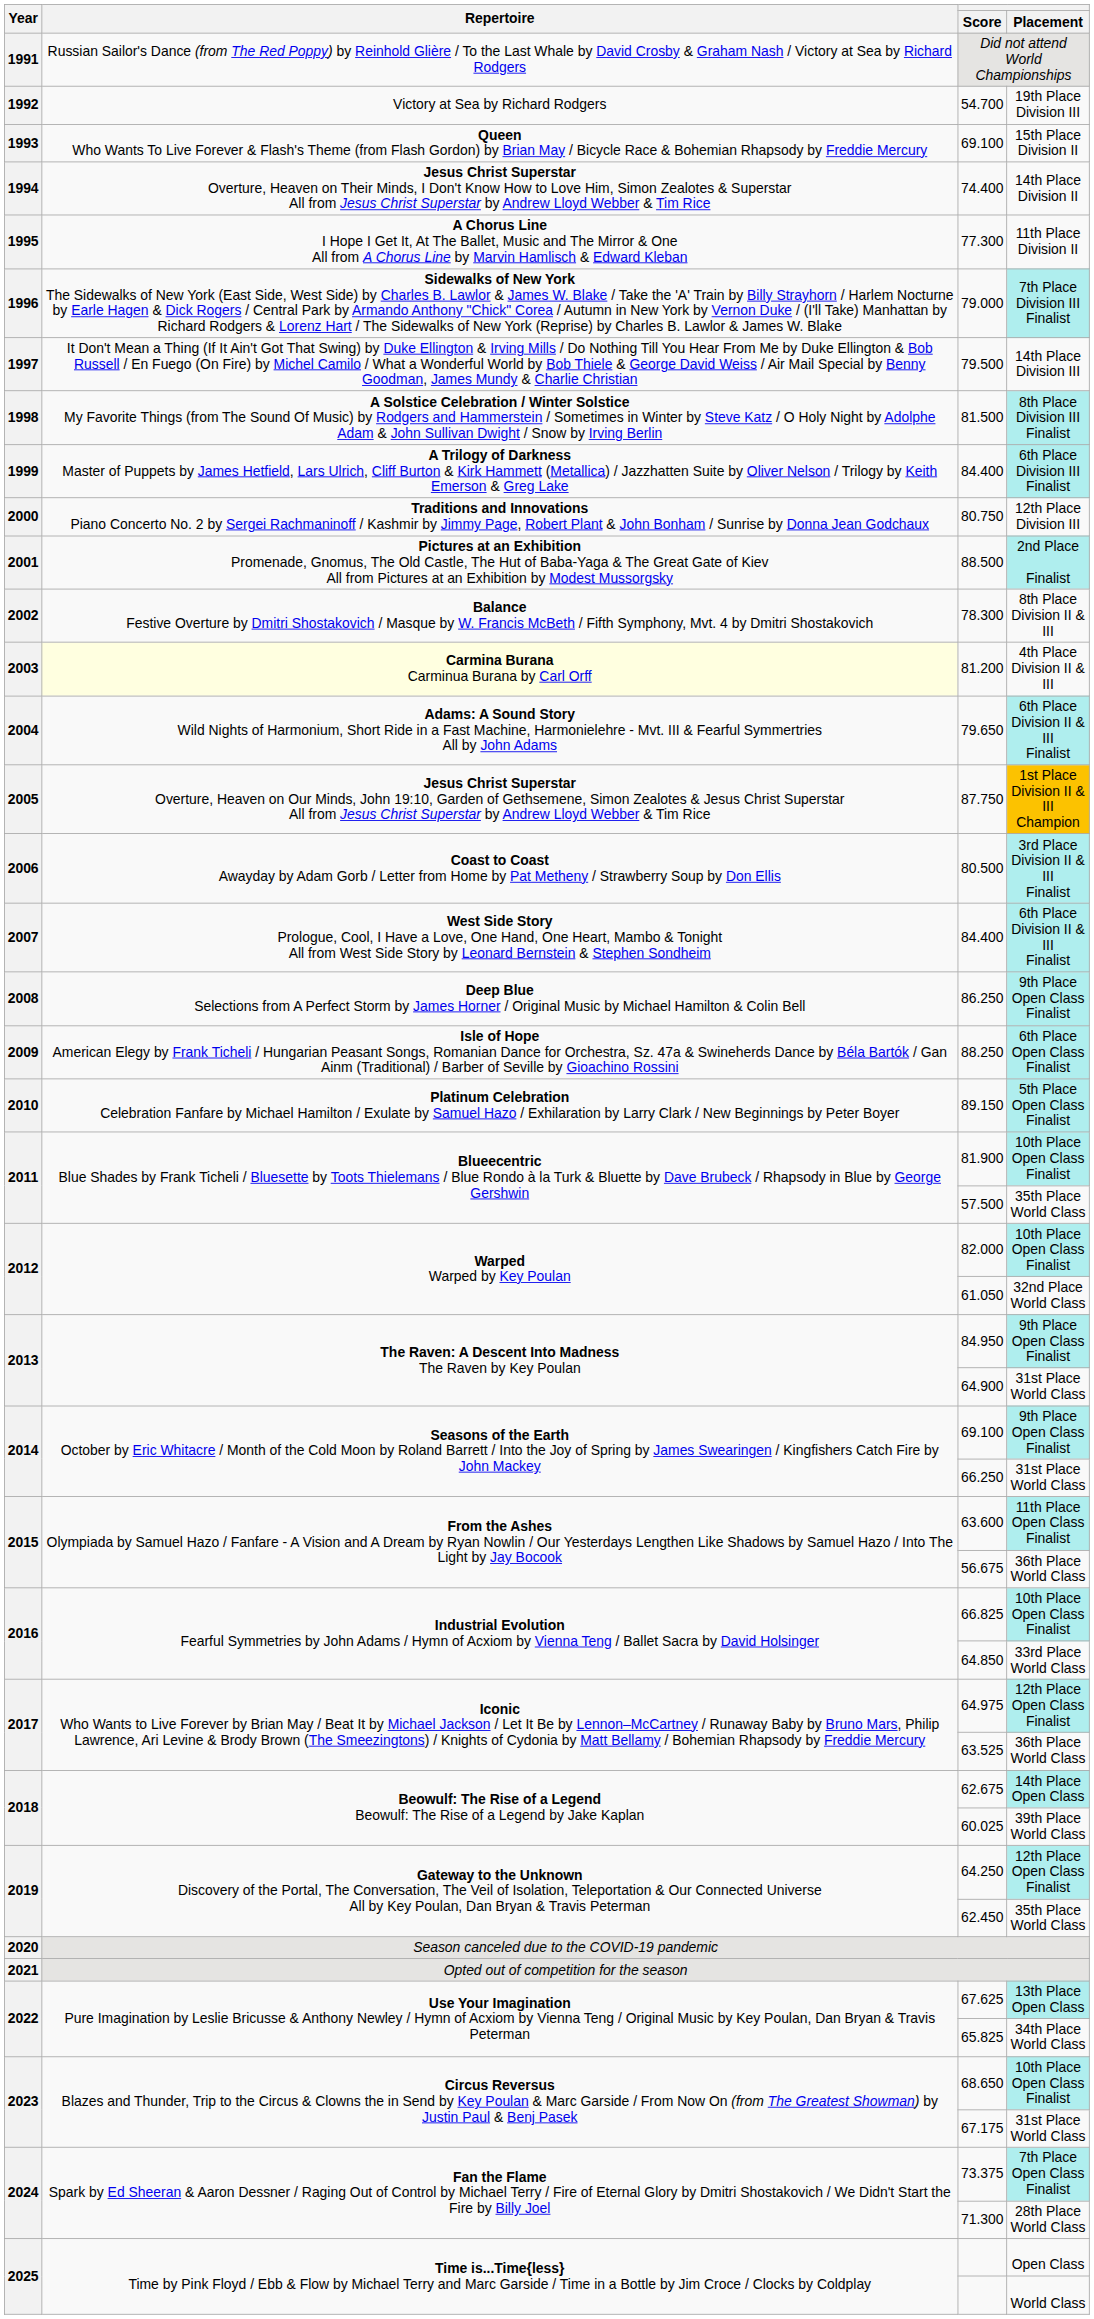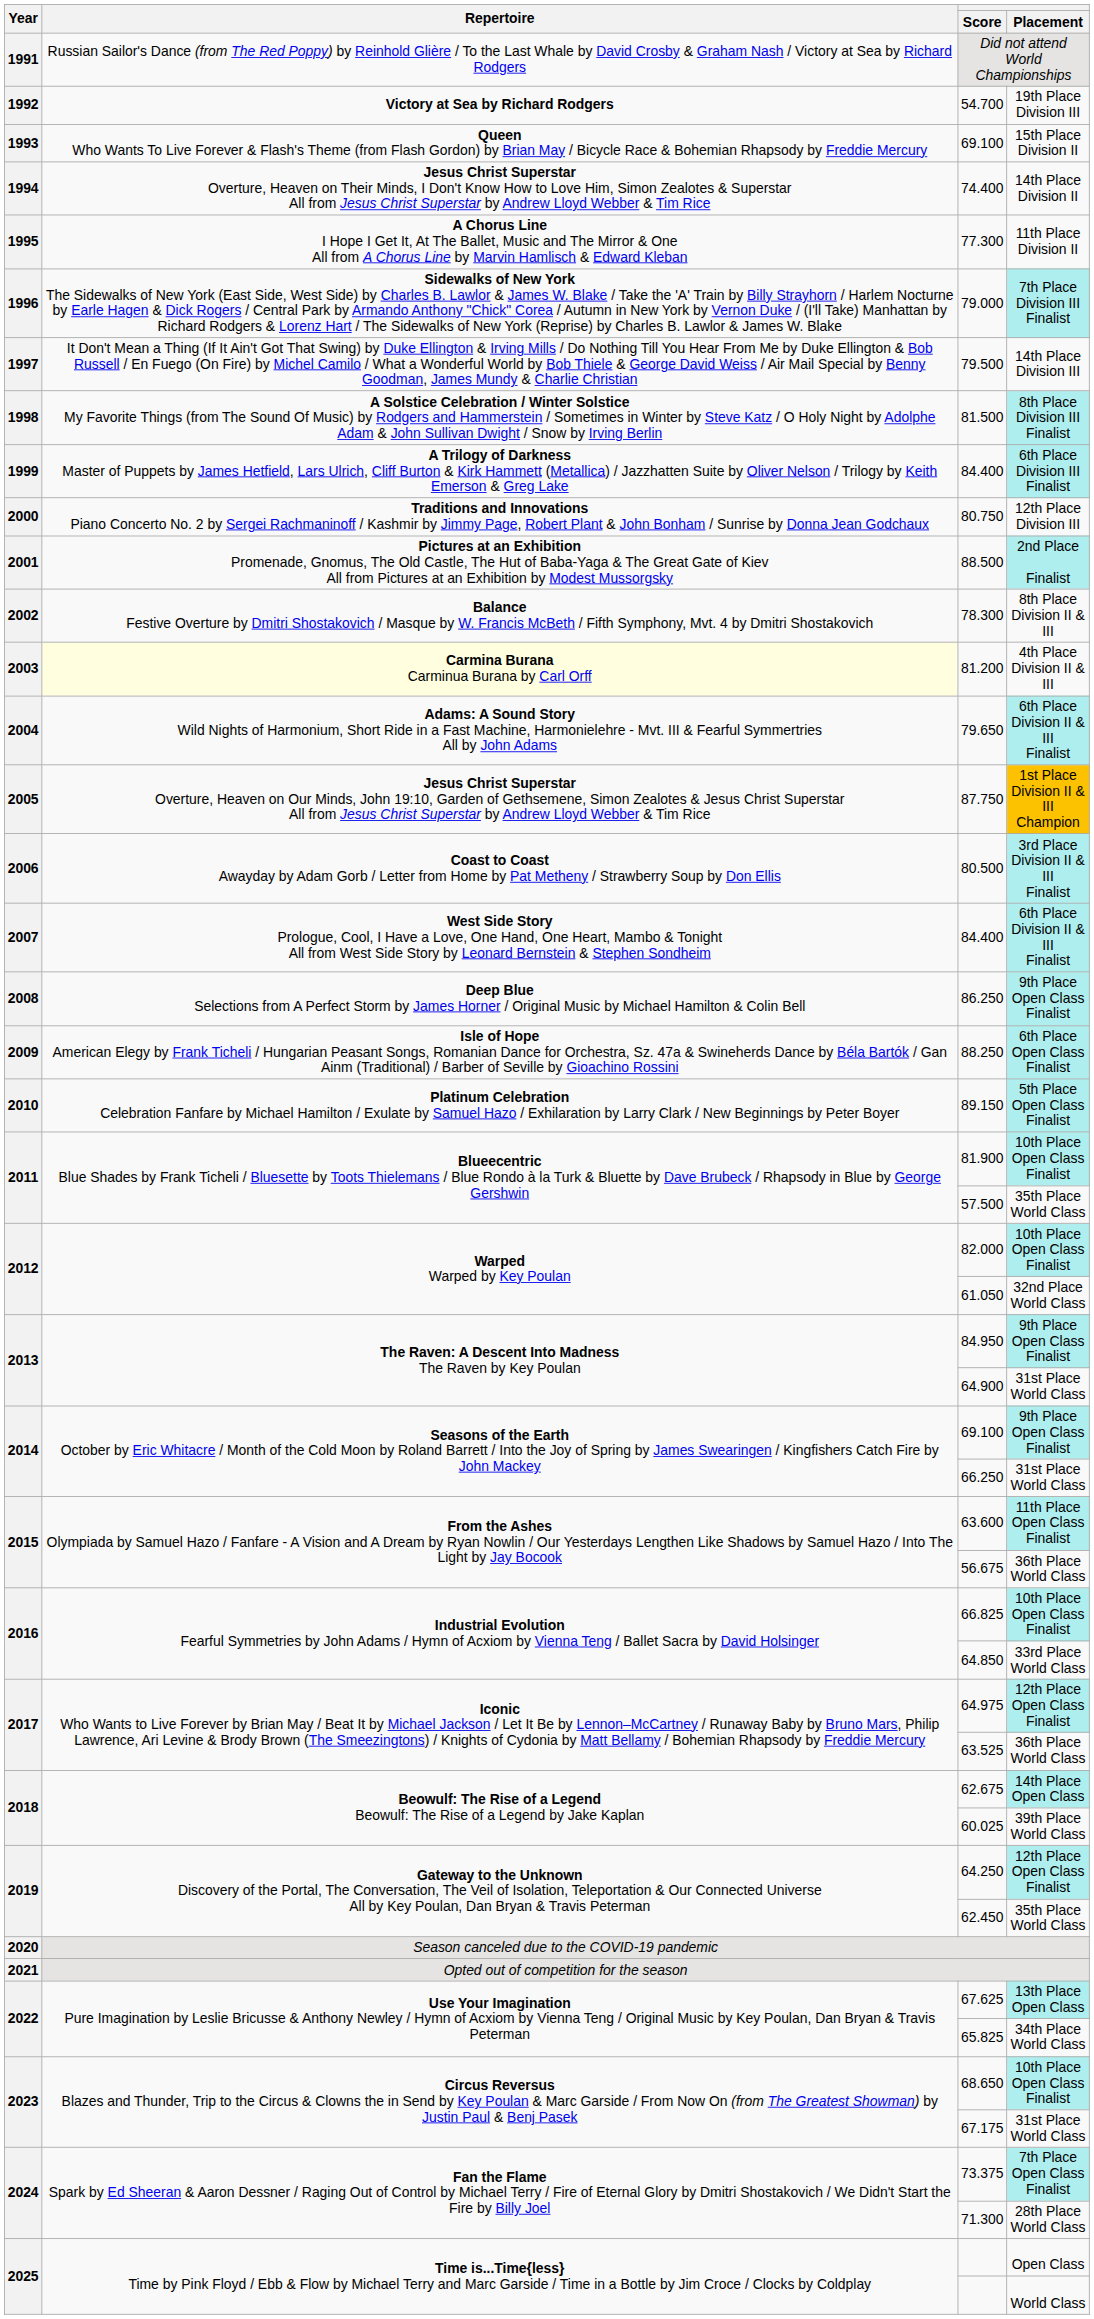 <table class="wikitable" style="text-align: center">
 <tr>
 <th scope="col" rowspan="2">Year</th>
 <th scope="col" rowspan="2">Repertoire</th>
 <th scope="col" colspan="2"></th>
 </tr>
 <tr>
 <th scope="col">Score</th>
 <th scope="col">Placement</th>
 </tr>
 <tr>
 <th scope="row">1991</th>
 <td>Russian Sailor's Dance <em>(from <a href='#'>The Red Poppy</a>)</em> by <a href='#'>Reinhold Glière</a> / To the Last Whale by <a href='#'>David Crosby</a> & <a href='#'>Graham Nash</a> / Victory at Sea by <a href='#'>Richard Rodgers</a></td>
 <td colspan="2" bgcolor="e5e4e2"><em>Did not attend<br>World Championships</em></td>
 </tr>
 <tr>
 <th scope="row">1992</th>
-<td>Victory at Sea by Richard Rodgers</td>
+<td><strong>Victory at Sea by Richard Rodgers</strong></td>
 <td>54.700</td>
 <td>19th Place<br>Division III</td>
 </tr>
 <tr>
 <th scope="row">1993</th>
 <td><strong>Queen</strong><br>Who Wants To Live Forever & Flash's Theme (from Flash Gordon) by <a href='#'>Brian May</a> / Bicycle Race & Bohemian Rhapsody by <a href='#'>Freddie Mercury</a></td>
 <td>69.100</td>
 <td>15th Place<br>Division II</td>
 </tr>
 <tr>
 <th scope="row">1994</th>
 <td><strong>Jesus Christ Superstar</strong><br>Overture, Heaven on Their Minds, I Don't Know How to Love Him, Simon Zealotes & Superstar<br>All from <em><a href='#'>Jesus Christ Superstar</a></em> by <a href='#'>Andrew Lloyd Webber</a> & <a href='#'>Tim Rice</a></td>
 <td>74.400</td>
 <td>14th Place<br>Division II</td>
 </tr>
 <tr>
 <th scope="row">1995</th>
 <td><strong>A Chorus Line</strong><br>I Hope I Get It, At The Ballet, Music and The Mirror & One<br>All from <em><a href='#'>A Chorus Line</a></em> by <a href='#'>Marvin Hamlisch</a> & <a href='#'>Edward Kleban</a></td>
 <td>77.300</td>
 <td>11th Place<br>Division II</td>
 </tr>
 <tr>
 <th scope="row">1996</th>
 <td><strong>Sidewalks of New York</strong><br>The Sidewalks of New York (East Side, West Side) by <a href='#'>Charles B. Lawlor</a> & <a href='#'>James W. Blake</a> / Take the 'A' Train by <a href='#'>Billy Strayhorn</a> / Harlem Nocturne by <a href='#'>Earle Hagen</a> & <a href='#'>Dick Rogers</a> / Central Park by <a href='#'>Armando Anthony "Chick" Corea</a> / Autumn in New York by <a href='#'>Vernon Duke</a> / (I'll Take) Manhattan by Richard Rodgers & <a href='#'>Lorenz Hart</a> / The Sidewalks of New York (Reprise) by Charles B. Lawlor & James W. Blake</td>
 <td>79.000</td>
 <td bgcolor="afeeee">7th Place<br>Division III<br>Finalist</td>
 </tr>
 <tr>
 <th scope="row">1997</th>
 <td>It Don't Mean a Thing (If It Ain't Got That Swing) by <a href='#'>Duke Ellington</a> & <a href='#'>Irving Mills</a> / Do Nothing Till You Hear From Me by Duke Ellington & <a href='#'>Bob Russell</a> / En Fuego (On Fire) by <a href='#'>Michel Camilo</a> / What a Wonderful World by <a href='#'>Bob Thiele</a> & <a href='#'>George David Weiss</a> / Air Mail Special by <a href='#'>Benny Goodman</a>, <a href='#'>James Mundy</a> & <a href='#'>Charlie Christian</a></td>
 <td>79.500</td>
 <td>14th Place<br>Division III</td>
 </tr>
 <tr>
 <th scope="row">1998</th>
 <td><strong>A Solstice Celebration / Winter Solstice</strong><br>My Favorite Things (from The Sound Of Music) by <a href='#'>Rodgers and Hammerstein</a> / Sometimes in Winter by <a href='#'>Steve Katz</a> / O Holy Night by <a href='#'>Adolphe Adam</a> & <a href='#'>John Sullivan Dwight</a> / Snow by <a href='#'>Irving Berlin</a></td>
 <td>81.500</td>
 <td bgcolor="afeeee">8th Place<br>Division III<br>Finalist</td>
 </tr>
 <tr>
 <th scope="row">1999</th>
 <td><strong>A Trilogy of Darkness</strong><br>Master of Puppets by <a href='#'>James Hetfield</a>, <a href='#'>Lars Ulrich</a>, <a href='#'>Cliff Burton</a> & <a href='#'>Kirk Hammett</a> (<a href='#'>Metallica</a>) / Jazzhatten Suite by <a href='#'>Oliver Nelson</a> / Trilogy by <a href='#'>Keith Emerson</a> & <a href='#'>Greg Lake</a></td>
 <td>84.400</td>
 <td bgcolor="afeeee">6th Place<br>Division III<br>Finalist</td>
 </tr>
 <tr>
 <th scope="row">2000</th>
 <td><strong>Traditions and Innovations</strong><br>Piano Concerto No. 2 by <a href='#'>Sergei Rachmaninoff</a> / Kashmir by <a href='#'>Jimmy Page</a>, <a href='#'>Robert Plant</a> & <a href='#'>John Bonham</a> / Sunrise by <a href='#'>Donna Jean Godchaux</a></td>
 <td>80.750</td>
 <td>12th Place<br>Division III</td>
 </tr>
 <tr>
 <th scope="row">2001</th>
 <td><strong>Pictures at an Exhibition</strong><br>Promenade, Gnomus, The Old Castle, The Hut of Baba-Yaga & The Great Gate of Kiev<br>All from Pictures at an Exhibition by <a href='#'>Modest Mussorgsky</a></td>
 <td>88.500</td>
 <td bgcolor="afeeee">2nd Place<br><br>Finalist</td>
 </tr>
 <tr>
 <th scope="row">2002</th>
 <td><strong>Balance</strong><br>Festive Overture by <a href='#'>Dmitri Shostakovich</a> / Masque by <a href='#'>W. Francis McBeth</a> / Fifth Symphony, Mvt. 4 by Dmitri Shostakovich</td>
 <td>78.300</td>
 <td>8th Place<br>Division II & III</td>
 </tr>
 <tr>
 <th scope="row">2003</th>
 <td style="background: lightyellow;"><strong>Carmina Burana</strong><br>Carminua Burana by <a href='#'>Carl Orff</a></td>
 <td>81.200</td>
 <td>4th Place<br>Division II & III</td>
 </tr>
 <tr>
 <th scope="row">2004</th>
 <td><strong>Adams: A Sound Story</strong><br>Wild Nights of Harmonium, Short Ride in a Fast Machine, Harmonielehre - Mvt. III & Fearful Symmertries<br>All by <a href='#'>John Adams</a></td>
 <td>79.650</td>
 <td bgcolor="afeeee">6th Place<br>Division II & III<br>Finalist</td>
 </tr>
 <tr>
 <th scope="row">2005</th>
 <td><strong>Jesus Christ Superstar</strong><br>Overture, Heaven on Our Minds, John 19:10, Garden of Gethsemene, Simon Zealotes & Jesus Christ Superstar<br>All from <em><a href='#'>Jesus Christ Superstar</a></em> by <a href='#'>Andrew Lloyd Webber</a> & Tim Rice</td>
 <td>87.750</td>
 <td bgcolor="fcc200">1st Place<br>Division II & III<br>Champion</td>
 </tr>
 <tr>
 <th scope="row">2006</th>
 <td><strong>Coast to Coast</strong><br>Awayday by Adam Gorb / Letter from Home by <a href='#'>Pat Metheny</a> / Strawberry Soup by <a href='#'>Don Ellis</a></td>
 <td>80.500</td>
 <td bgcolor="afeeee">3rd Place<br>Division II & III<br>Finalist</td>
 </tr>
 <tr>
 <th scope="row">2007</th>
 <td><strong>West Side Story</strong><br>Prologue, Cool, I Have a Love, One Hand, One Heart, Mambo & Tonight<br>All from West Side Story by <a href='#'>Leonard Bernstein</a> & <a href='#'>Stephen Sondheim</a></td>
 <td>84.400</td>
 <td bgcolor="afeeee">6th Place<br>Division II & III<br>Finalist</td>
 </tr>
 <tr>
 <th scope="row">2008</th>
 <td><strong>Deep Blue</strong><br>Selections from A Perfect Storm by <a href='#'>James Horner</a> / Original Music by Michael Hamilton & Colin Bell</td>
 <td>86.250</td>
 <td bgcolor="afeeee">9th Place<br>Open Class<br>Finalist</td>
 </tr>
 <tr>
 <th scope="row">2009</th>
 <td><strong>Isle of Hope</strong><br>American Elegy by <a href='#'>Frank Ticheli</a> / Hungarian Peasant Songs, Romanian Dance for Orchestra, Sz. 47a & Swineherds Dance by <a href='#'>Béla Bartók</a> / Gan Ainm (Traditional) / Barber of Seville by <a href='#'>Gioachino Rossini</a></td>
 <td>88.250</td>
 <td bgcolor="afeeee">6th Place<br>Open Class<br>Finalist</td>
 </tr>
 <tr>
 <th scope="row">2010</th>
 <td><strong>Platinum Celebration</strong><br>Celebration Fanfare by Michael Hamilton / Exulate by <a href='#'>Samuel Hazo</a> / Exhilaration by Larry Clark / New Beginnings by Peter Boyer</td>
 <td>89.150</td>
 <td bgcolor="afeeee">5th Place<br>Open Class<br>Finalist</td>
 </tr>
 <tr>
 <th scope="row" rowspan="2">2011</th>
 <td rowspan="2"><strong>Blueecentric</strong><br>Blue Shades by Frank Ticheli / <a href='#'>Bluesette</a> by <a href='#'>Toots Thielemans</a> / Blue Rondo à la Turk & Bluette by <a href='#'>Dave Brubeck</a> / Rhapsody in Blue by <a href='#'>George Gershwin</a></td>
 <td>81.900</td>
 <td bgcolor="afeeee">10th Place<br>Open Class<br>Finalist</td>
 </tr>
 <tr>
 <td>57.500</td>
 <td>35th Place<br>World Class</td>
 </tr>
 <tr>
 <th scope="row" rowspan="2">2012</th>
 <td rowspan="2"><strong>Warped</strong><br>Warped by <a href='#'>Key Poulan</a></td>
 <td>82.000</td>
 <td bgcolor="afeeee">10th Place<br>Open Class<br>Finalist</td>
 </tr>
 <tr>
 <td>61.050</td>
 <td>32nd Place<br>World Class</td>
 </tr>
 <tr>
 <th scope="row" rowspan="2">2013</th>
 <td rowspan="2"><strong>The Raven: A Descent Into Madness</strong><br>The Raven by Key Poulan</td>
 <td>84.950</td>
 <td bgcolor="afeeee">9th Place<br>Open Class<br>Finalist</td>
 </tr>
 <tr>
 <td>64.900</td>
 <td>31st Place<br>World Class</td>
 </tr>
 <tr>
 <th scope="row" rowspan="2">2014</th>
 <td rowspan="2"><strong>Seasons of the Earth</strong><br>October by <a href='#'>Eric Whitacre</a> / Month of the Cold Moon by Roland Barrett / Into the Joy of Spring by <a href='#'>James Swearingen</a> / Kingfishers Catch Fire by <a href='#'>John Mackey</a></td>
 <td>69.100</td>
 <td bgcolor="afeeee">9th Place<br>Open Class<br>Finalist</td>
 </tr>
 <tr>
 <td>66.250</td>
 <td>31st Place<br>World Class</td>
 </tr>
 <tr>
 <th scope="row" rowspan="2">2015</th>
 <td rowspan="2"><strong>From the Ashes</strong><br>Olympiada by Samuel Hazo / Fanfare - A Vision and A Dream by Ryan Nowlin / Our Yesterdays Lengthen Like Shadows by Samuel Hazo / Into The Light by <a href='#'>Jay Bocook</a></td>
 <td>63.600</td>
 <td bgcolor="afeeee">11th Place<br>Open Class<br>Finalist</td>
 </tr>
 <tr>
 <td>56.675</td>
 <td>36th Place<br>World Class</td>
 </tr>
 <tr>
 <th scope="row" rowspan="2">2016</th>
 <td rowspan="2"><strong>Industrial Evolution</strong><br>Fearful Symmetries by John Adams / Hymn of Acxiom by <a href='#'>Vienna Teng</a> / Ballet Sacra by <a href='#'>David Holsinger</a></td>
 <td>66.825</td>
 <td bgcolor="afeeee">10th Place<br>Open Class<br>Finalist</td>
 </tr>
 <tr>
 <td>64.850</td>
 <td>33rd Place<br>World Class</td>
 </tr>
 <tr>
 <th scope="row" rowspan="2">2017</th>
 <td rowspan="2"><strong>Iconic</strong><br>Who Wants to Live Forever by Brian May / Beat It by <a href='#'>Michael Jackson</a> / Let It Be by <a href='#'>Lennon–McCartney</a> / Runaway Baby by <a href='#'>Bruno Mars</a>, Philip Lawrence, Ari Levine & Brody Brown (<a href='#'>The Smeezingtons</a>) / Knights of Cydonia by <a href='#'>Matt Bellamy</a> / Bohemian Rhapsody by <a href='#'>Freddie Mercury</a></td>
 <td>64.975</td>
 <td bgcolor="afeeee">12th Place<br>Open Class<br>Finalist</td>
 </tr>
 <tr>
 <td>63.525</td>
 <td>36th Place<br>World Class</td>
 </tr>
 <tr>
 <th scope="row" rowspan="2">2018</th>
 <td rowspan="2"><strong>Beowulf: The Rise of a Legend</strong><br>Beowulf: The Rise of a Legend by Jake Kaplan</td>
 <td>62.675</td>
 <td bgcolor="afeeee">14th Place<br>Open Class</td>
 </tr>
 <tr>
 <td>60.025</td>
 <td>39th Place<br>World Class</td>
 </tr>
 <tr>
 <th scope="row" rowspan="2">2019</th>
 <td rowspan="2"><strong>Gateway to the Unknown</strong><br>Discovery of the Portal, The Conversation, The Veil of Isolation, Teleportation & Our Connected Universe<br>All by Key Poulan, Dan Bryan & Travis Peterman</td>
 <td>64.250</td>
 <td bgcolor="afeeee">12th Place<br>Open Class<br>Finalist</td>
 </tr>
 <tr>
 <td>62.450</td>
 <td>35th Place<br>World Class</td>
 </tr>
 <tr>
 <th scope="row">2020</th>
 <td colspan="3" bgcolor="e5e4e2"><em>Season canceled due to the COVID-19 pandemic</em></td>
 </tr>
 <tr>
 <th scope="row">2021</th>
 <td colspan="3" bgcolor="e5e4e2"><em>Opted out of competition for the season</em></td>
 </tr>
 <tr>
 <th scope="row" rowspan="2">2022</th>
 <td rowspan="2"><strong>Use Your Imagination</strong><br>Pure Imagination by Leslie Bricusse & Anthony Newley / Hymn of Acxiom by Vienna Teng / Original Music by Key Poulan, Dan Bryan & Travis Peterman</td>
 <td>67.625</td>
 <td bgcolor="afeeee">13th Place<br>Open Class</td>
 </tr>
 <tr>
 <td>65.825</td>
 <td>34th Place<br>World Class</td>
 </tr>
 <tr>
 <th rowspan="2" scope="row">2023</th>
 <td rowspan="2"><strong>Circus Reversus</strong><br>Blazes and Thunder, Trip to the Circus & Clowns the in Send by <a href='#'>Key Poulan</a> & Marc Garside / From Now On <em>(from <a href='#'>The Greatest Showman</a>)</em> by <a href='#'>Justin Paul</a> & <a href='#'>Benj Pasek</a></td>
 <td>68.650</td>
 <td bgcolor="afeeee">10th Place<br>Open Class<br>Finalist</td>
 </tr>
 <tr>
 <td>67.175</td>
 <td>31st Place<br>World Class</td>
 </tr>
 <tr>
 <th rowspan="2" scope="row">2024</th>
 <td rowspan="2"><strong>Fan the Flame</strong><br>Spark by <a href='#'>Ed Sheeran</a> & Aaron Dessner / Raging Out of Control by Michael Terry / Fire of Eternal Glory by Dmitri Shostakovich / We Didn't Start the Fire by <a href='#'>Billy Joel</a></td>
 <td>73.375</td>
 <td bgcolor="afeeee">7th Place<br>Open Class<br>Finalist</td>
 </tr>
 <tr>
 <td>71.300</td>
 <td>28th Place<br>World Class</td>
 </tr>
 <tr>
 <th rowspan="2" scope="row">2025</th>
 <td rowspan="2"><strong>Time is...Time{less}</strong><br>Time by Pink Floyd / Ebb & Flow by Michael Terry and Marc Garside / Time in a Bottle by Jim Croce / Clocks by Coldplay</td>
 <td></td>
 <td><br>Open Class<br></td>
 </tr>
 <tr>
 <td></td>
 <td><br>World Class</td>
 </tr>
 </table>
